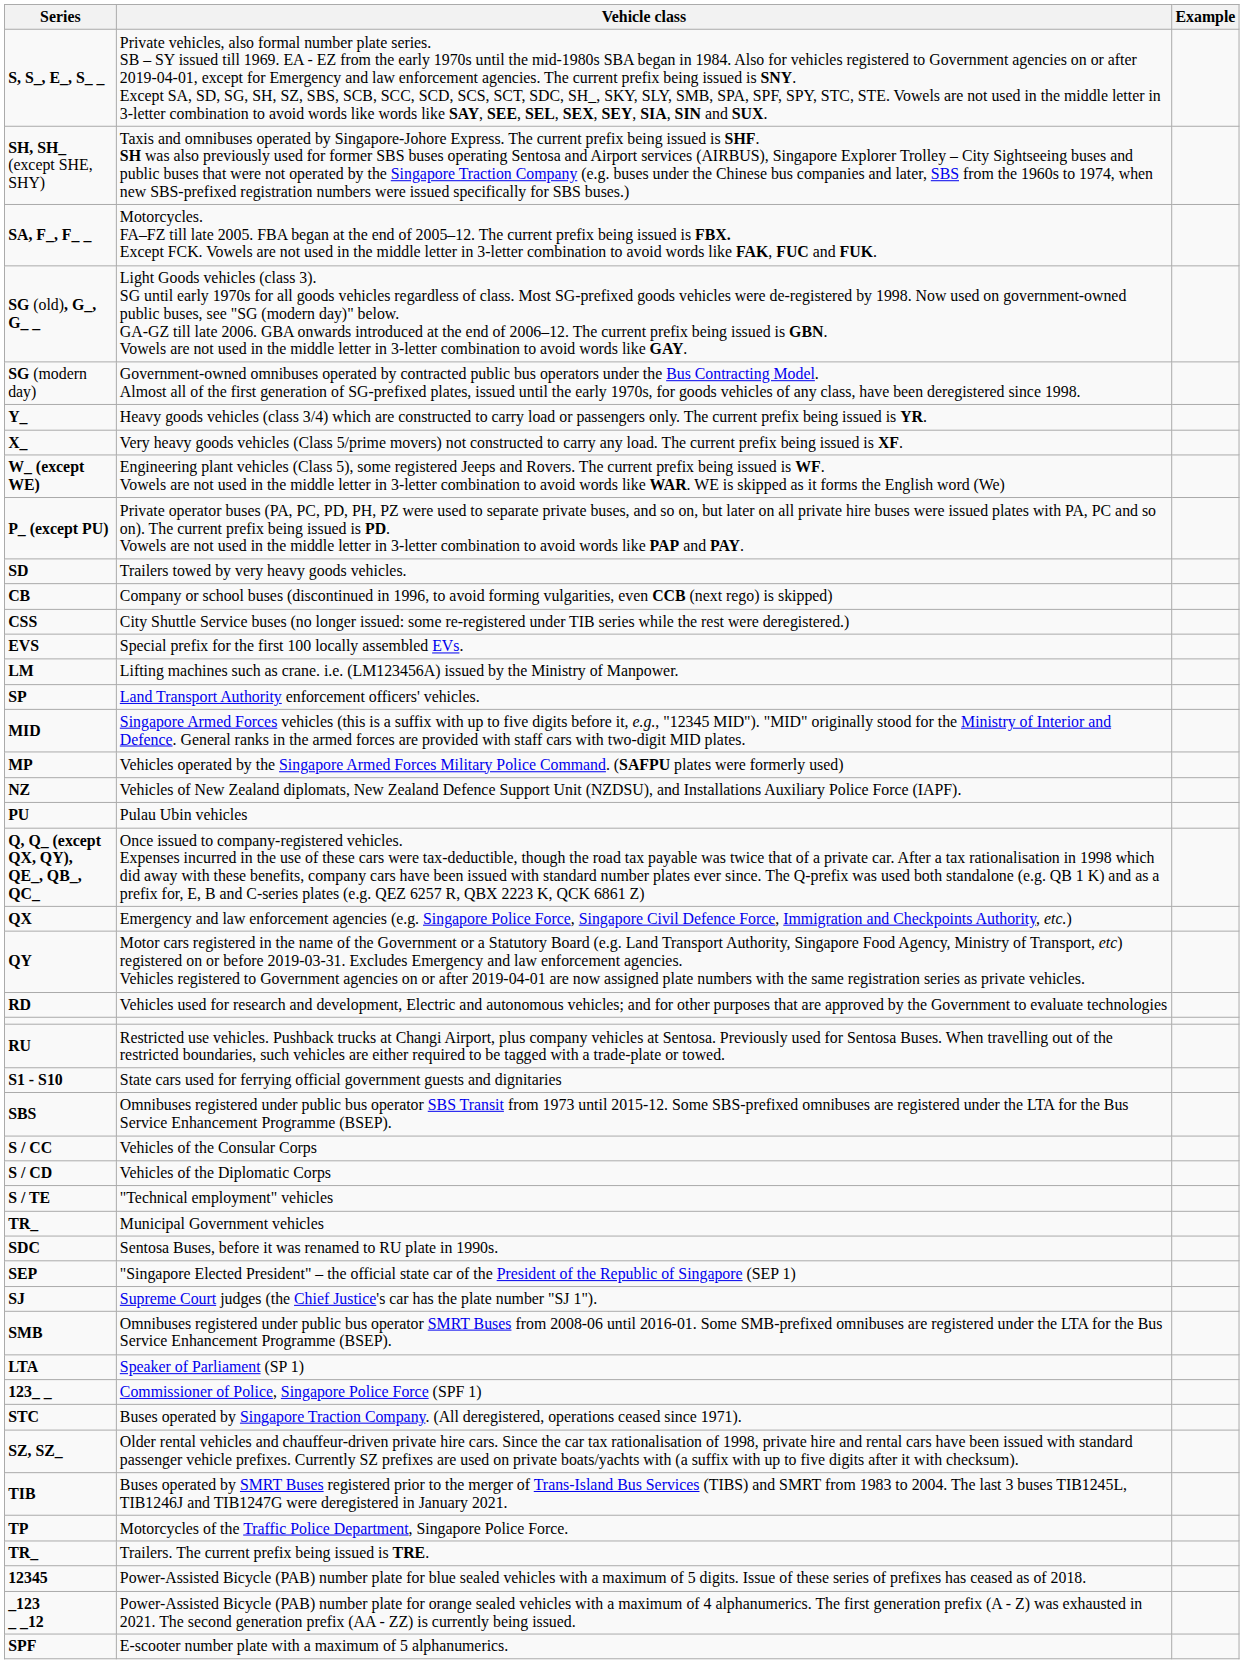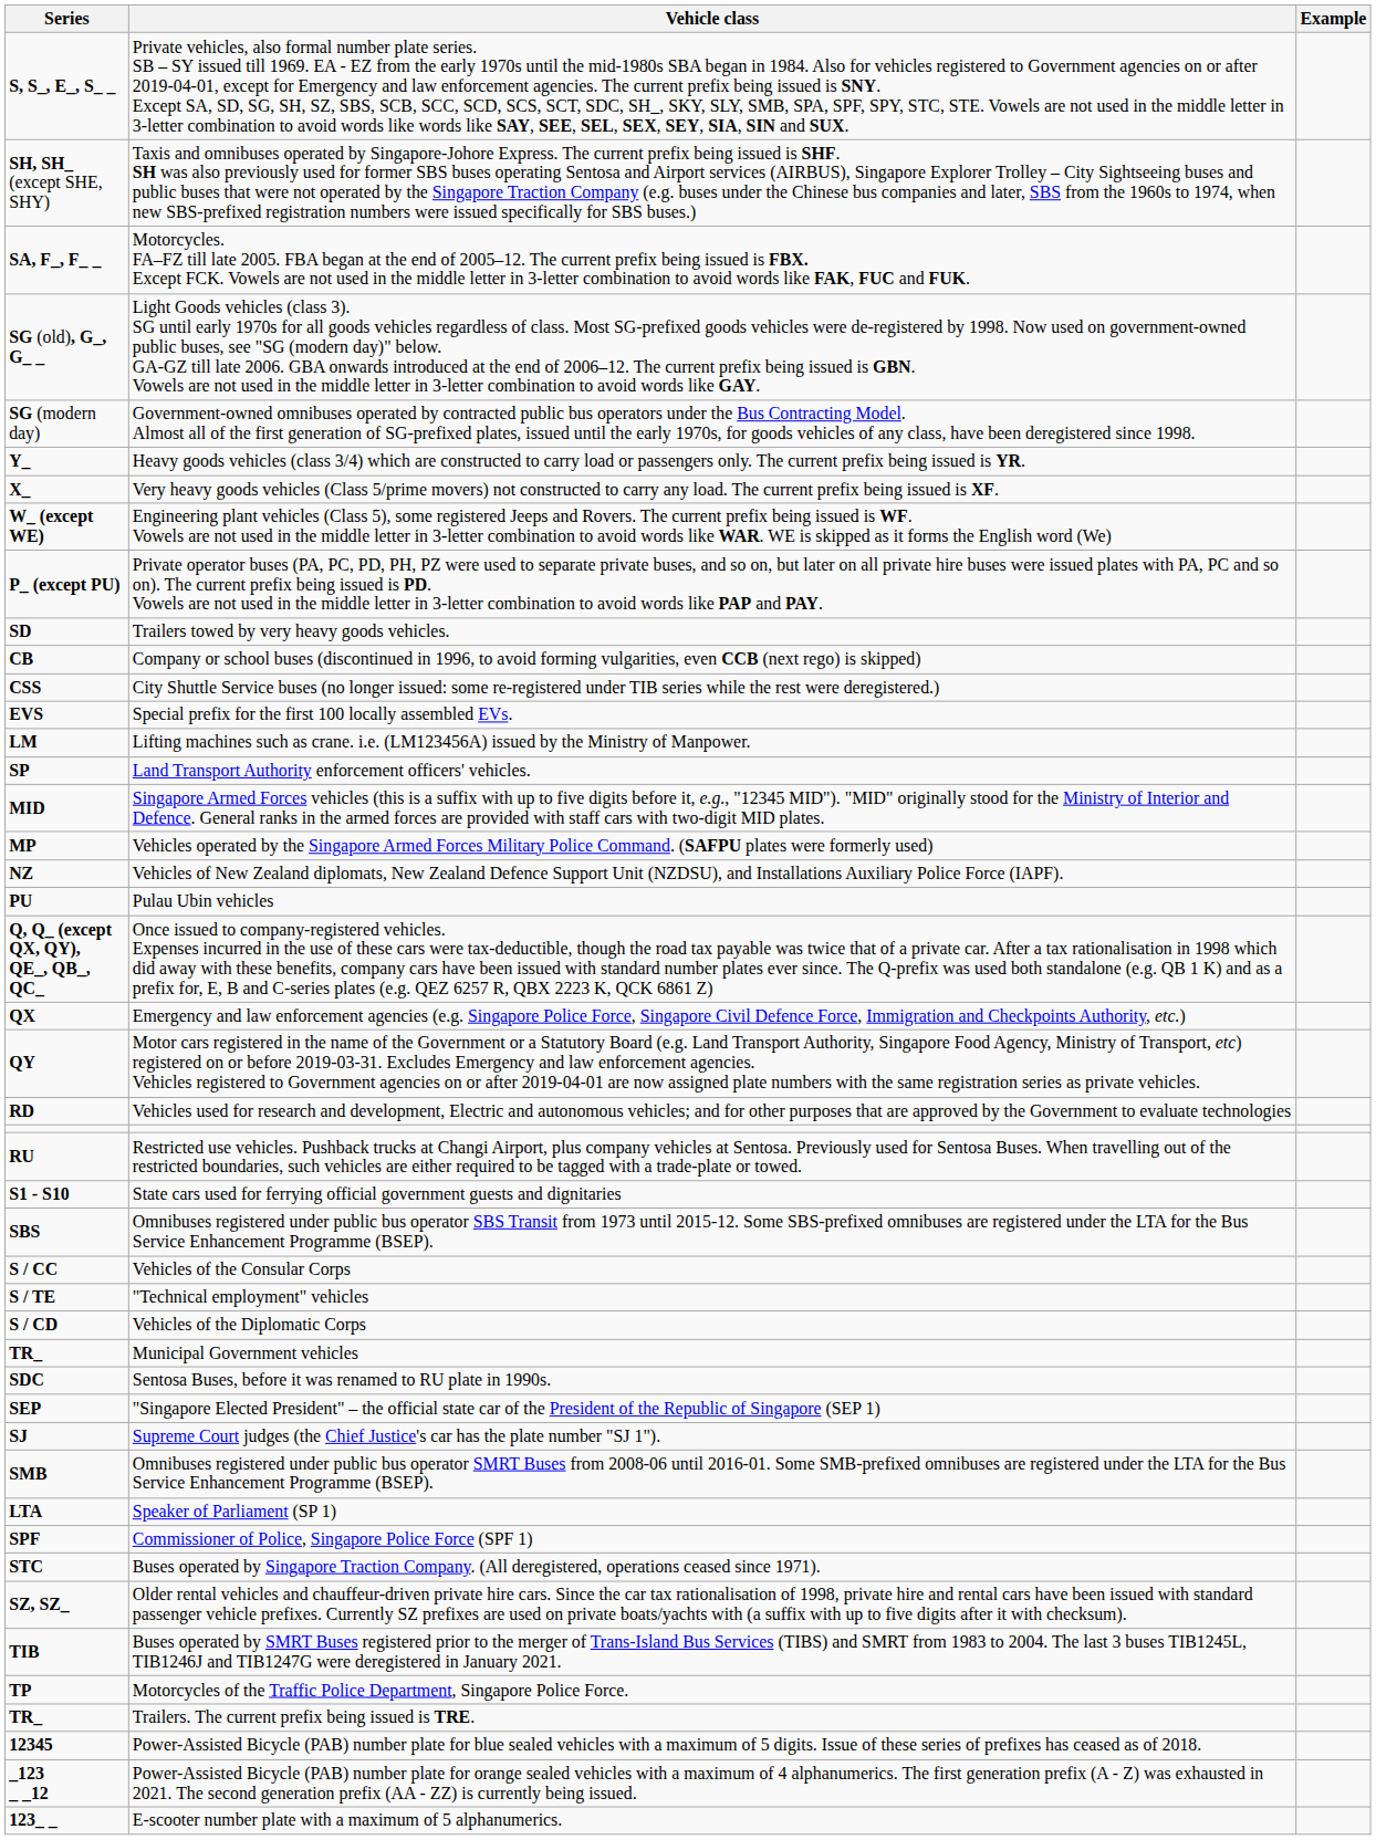 <table class="wikitable">
 <tr>
 <th>Series</th>
 <th>Vehicle class</th>
 <th>Example</th>
 </tr>
 <tr>
 <td><strong>S, S_, E_, S_ _</strong></td>
 <td>Private vehicles, also formal number plate series.<br>SB – SY issued till 1969.  EA - EZ from the early 1970s until the mid-1980s SBA began in 1984. Also for vehicles registered to Government agencies on or after 2019-04-01, except for Emergency and law enforcement agencies. The current prefix being issued is <strong>SNY</strong>.<br>Except SA, SD, SG, SH, SZ, SBS, SCB, SCC, SCD, SCS, SCT, SDC, SH_, SKY, SLY, SMB, SPA, SPF, SPY, STC, STE. Vowels are not used in the middle letter in 3-letter combination to avoid words like words like <strong>SAY</strong>, <strong>SEE</strong>, <strong>SEL</strong>, <strong>SEX</strong>, <strong>SEY</strong>, <strong>SIA</strong>, <strong>SIN</strong> and <strong>SUX</strong>.</td>
 <td><br></td>
 </tr>
 <tr>
 <td><strong>SH, SH_</strong> (except SHE, SHY)</td>
 <td>Taxis and omnibuses operated by Singapore-Johore Express. The current prefix being issued is <strong>SHF</strong>.<br><strong>SH</strong> was also previously used for former SBS buses operating Sentosa and Airport services (AIRBUS), Singapore Explorer Trolley – City Sightseeing buses and public buses that were not operated by the <a href='#'>Singapore Traction Company</a> (e.g. buses under the Chinese bus companies and later, <a href='#'>SBS</a> from the 1960s to 1974, when new SBS-prefixed registration numbers were issued specifically for SBS buses.)</td>
 <td></td>
 </tr>
 <tr>
 <td><strong>SA, F_, F_ _</strong></td>
 <td>Motorcycles.<br>FA–FZ till late 2005.  FBA began at the end of 2005–12. The current prefix being issued is <strong>FBX.</strong><br>Except FCK. Vowels are not used in the middle letter in 3-letter combination to avoid words like <strong>FAK</strong>, <strong>FUC</strong> and <strong>FUK</strong>.</td>
 <td></td>
 </tr>
 <tr>
 <td><strong>SG</strong> (old)<strong>, G_, G_ _</strong></td>
 <td>Light Goods vehicles (class 3).<br>SG until early 1970s for all goods vehicles regardless of class. Most SG-prefixed goods vehicles were de-registered by 1998. Now used on government-owned public buses, see "SG (modern day)" below.<br>GA-GZ till late 2006. GBA onwards introduced at the end of 2006–12. The current prefix being issued is <strong>GBN</strong>.<br>Vowels are not used in the middle letter in 3-letter combination to avoid words like <strong>GAY</strong>.</td>
 <td></td>
 </tr>
 <tr>
 <td><strong>SG</strong> (modern day)</td>
 <td>Government-owned omnibuses operated by contracted public bus operators under the <a href='#'>Bus Contracting Model</a>.<br>Almost all of the first generation of SG-prefixed plates, issued until the early 1970s, for goods vehicles of any class, have been deregistered since 1998.</td>
 <td></td>
 </tr>
 <tr>
 <td><strong>Y_</strong></td>
 <td>Heavy goods vehicles (class 3/4) which are constructed to carry load or passengers only. The current prefix being issued is <strong>YR</strong>.</td>
 <td></td>
 </tr>
 <tr>
 <td><strong>X_</strong></td>
 <td>Very heavy goods vehicles (Class 5/prime movers) not constructed to carry any load. The current prefix being issued is <strong>XF</strong>.</td>
 <td></td>
 </tr>
 <tr>
 <td><strong>W_ (except WE)</strong></td>
 <td>Engineering plant vehicles (Class 5), some registered Jeeps and Rovers. The current prefix being issued is <strong>WF</strong>.<br>Vowels are not used in the middle letter in 3-letter combination to avoid words like <strong>WAR</strong>. WE is skipped as it forms the English word (We)</td>
 <td></td>
 </tr>
 <tr>
 <td><strong>P_ (except PU)</strong></td>
 <td>Private operator buses (PA, PC, PD, PH, PZ were used to separate private buses, and so on, but later on all private hire buses were issued plates with PA, PC and so on). The current prefix being issued is <strong>PD</strong>.<br>Vowels are not used in the middle letter in 3-letter combination to avoid words like <strong>PAP</strong> and <strong>PAY</strong>.</td>
 <td></td>
 </tr>
 <tr>
 <td><strong>SD</strong></td>
 <td>Trailers towed by very heavy goods vehicles.</td>
 <td></td>
 </tr>
 <tr>
 <td><strong>CB</strong></td>
 <td>Company or school buses (discontinued in 1996, to avoid forming vulgarities, even <strong>CCB</strong> (next rego) is skipped)</td>
 <td></td>
 </tr>
 <tr>
 <td><strong>CSS</strong></td>
 <td>City Shuttle Service buses (no longer issued: some re-registered under TIB series while the rest were deregistered.)</td>
 <td></td>
 </tr>
 <tr>
 <td><strong>EVS</strong></td>
 <td>Special prefix for the first 100 locally assembled <a href='#'>EVs</a>.</td>
 <td></td>
 </tr>
 <tr>
 <td><strong>LM</strong></td>
 <td>Lifting machines such as crane. i.e. (LM123456A) issued by the Ministry of Manpower.</td>
 <td></td>
 </tr>
 <tr>
 <td><strong>SP</strong></td>
 <td><a href='#'>Land Transport Authority</a> enforcement officers' vehicles.</td>
 <td></td>
 </tr>
 <tr>
 <td><strong>MID</strong></td>
 <td><a href='#'>Singapore Armed Forces</a> vehicles (this is a suffix with up to five digits before it, <em>e.g.</em>, "12345 MID"). "MID" originally stood for the <a href='#'>Ministry of Interior and Defence</a>. General ranks in the armed forces are provided with staff cars with two-digit MID plates.</td>
 <td></td>
 </tr>
 <tr>
 <td><strong>MP</strong></td>
 <td>Vehicles operated by the <a href='#'>Singapore Armed Forces Military Police Command</a>. (<strong>SAFPU</strong> plates were formerly used)</td>
 <td></td>
 </tr>
 <tr>
 <td><strong>NZ</strong></td>
 <td>Vehicles of New Zealand diplomats, New Zealand Defence Support Unit (NZDSU), and Installations Auxiliary Police Force (IAPF).</td>
 <td></td>
 </tr>
 <tr>
 <td><strong>PU</strong></td>
 <td>Pulau Ubin vehicles</td>
 <td></td>
 </tr>
 <tr>
 <td><strong>Q, Q_ (except QX, QY),</strong><br><strong>QE_, QB_, QC_</strong></td>
 <td>Once issued to company-registered vehicles.<br>Expenses incurred in the use of these cars were tax-deductible, though the road tax payable was twice that of a private car. After a tax rationalisation in 1998 which did away with these benefits, company cars have been issued with standard number plates ever since. The Q-prefix was used both standalone (e.g. QB 1 K) and as a prefix for, E, B and C-series plates (e.g. QEZ 6257 R, QBX 2223 K, QCK 6861 Z)</td>
 <td></td>
 </tr>
 <tr>
 <td><strong>QX</strong></td>
 <td>Emergency and law enforcement agencies (e.g. <a href='#'>Singapore Police Force</a>, <a href='#'>Singapore Civil Defence Force</a>, <a href='#'>Immigration and Checkpoints Authority</a>, <em>etc.</em>)</td>
 <td></td>
 </tr>
 <tr>
 <td><strong>QY</strong></td>
 <td>Motor cars registered in the name of the Government or a Statutory Board (e.g. Land Transport Authority, Singapore Food Agency, Ministry of Transport, <em>etc</em>) registered on or before 2019-03-31. Excludes Emergency and law enforcement agencies.<br>Vehicles registered to Government agencies on or after 2019-04-01 are now assigned plate numbers with the same registration series as private vehicles.</td>
 <td></td>
 </tr>
 <tr>
 <td><strong>RD</strong></td>
 <td>Vehicles used for research and development, Electric and autonomous vehicles; and for other purposes that are approved by the Government to evaluate technologies</td>
 <td></td>
 </tr>
 <tr>
 <td></td>
 <td></td>
 <td></td>
 </tr>
 <tr>
 <td><strong>RU</strong></td>
 <td>Restricted use vehicles. Pushback trucks at Changi Airport, plus company vehicles at Sentosa. Previously used for Sentosa Buses. When travelling out of the restricted boundaries, such vehicles are either required to be tagged with a trade-plate or towed.</td>
 <td></td>
 </tr>
 <tr>
 <td><strong>S1 - S10</strong></td>
 <td>State cars used for ferrying official government guests and dignitaries</td>
 <td></td>
 </tr>
 <tr>
 <td><strong>SBS</strong></td>
 <td>Omnibuses registered under public bus operator <a href='#'>SBS Transit</a> from 1973 until 2015-12. Some SBS-prefixed omnibuses are registered under the LTA for the Bus Service Enhancement Programme (BSEP).</td>
 <td></td>
 </tr>
 <tr>
 <td><strong>S / CC</strong></td>
 <td>Vehicles of the Consular Corps</td>
 <td></td>
 </tr>
 <tr>
-<td><strong>S / CD</strong></td>
-<td>Vehicles of the Diplomatic Corps</td>
+<td><strong>S / TE</strong></td>
+<td>"Technical employment" vehicles</td>
 <td></td>
 </tr>
 <tr>
-<td><strong>S / TE</strong></td>
-<td>"Technical employment" vehicles</td>
+<td><strong>S / CD</strong></td>
+<td>Vehicles of the Diplomatic Corps</td>
 <td></td>
 </tr>
 <tr>
 <td><strong>TR_</strong></td>
 <td>Municipal Government vehicles</td>
 <td></td>
 </tr>
 <tr>
 <td><strong>SDC</strong></td>
 <td>Sentosa Buses, before it was renamed to RU plate in 1990s.</td>
 <td></td>
 </tr>
 <tr>
 <td><strong>SEP</strong></td>
 <td>"Singapore Elected President" – the official state car of the <a href='#'>President of the Republic of Singapore</a> (SEP 1)</td>
 <td></td>
 </tr>
 <tr>
 <td><strong>SJ</strong></td>
 <td><a href='#'>Supreme Court</a> judges (the <a href='#'>Chief Justice</a>'s car has the plate number "SJ 1").</td>
 <td></td>
 </tr>
 <tr>
 <td><strong>SMB</strong></td>
 <td>Omnibuses registered under public bus operator <a href='#'>SMRT Buses</a> from 2008-06 until 2016-01. Some SMB-prefixed omnibuses are registered under the LTA for the Bus Service Enhancement Programme (BSEP).</td>
 <td></td>
 </tr>
 <tr>
 <td><strong>LTA</strong></td>
 <td><a href='#'>Speaker of Parliament</a> (SP 1)</td>
 <td></td>
 </tr>
 <tr>
-<td><strong>123_ _</strong></td>
+<td><strong>SPF</strong></td>
 <td><a href='#'>Commissioner of Police</a>, <a href='#'>Singapore Police Force</a> (SPF 1)</td>
 <td></td>
 </tr>
 <tr>
 <td><strong>STC</strong></td>
 <td>Buses operated by <a href='#'>Singapore Traction Company</a>. (All deregistered, operations ceased since 1971).</td>
 <td></td>
 </tr>
 <tr>
 <td><strong>SZ, SZ_</strong></td>
 <td>Older rental vehicles and chauffeur-driven private hire cars. Since the car tax rationalisation of 1998, private hire and rental cars have been issued with standard passenger vehicle prefixes. Currently SZ prefixes are used on private boats/yachts with (a suffix with up to five digits after it with checksum).</td>
 <td></td>
 </tr>
 <tr>
 <td><strong>TIB</strong></td>
 <td>Buses operated by <a href='#'>SMRT Buses</a> registered prior to the merger of <a href='#'>Trans-Island Bus Services</a> (TIBS) and SMRT from 1983 to 2004. The last 3 buses TIB1245L, TIB1246J and TIB1247G were deregistered in January 2021.</td>
 <td></td>
 </tr>
 <tr>
 <td><strong>TP</strong></td>
 <td>Motorcycles of the <a href='#'>Traffic Police Department</a>, Singapore Police Force.</td>
 <td></td>
 </tr>
 <tr>
 <td><strong>TR_</strong></td>
 <td>Trailers. The current prefix being issued is <strong>TRE</strong>.</td>
 <td></td>
 </tr>
 <tr>
 <td><strong>12345</strong></td>
 <td>Power-Assisted Bicycle (PAB) number plate for blue sealed vehicles with a maximum of 5 digits. Issue of these series of prefixes has ceased as of 2018.</td>
 <td></td>
 </tr>
 <tr>
 <td><strong>_123</strong><br><strong>_ _12</strong></td>
 <td>Power-Assisted Bicycle (PAB) number plate for orange sealed vehicles with a maximum of 4 alphanumerics. The first generation prefix (A - Z) was exhausted in 2021. The second generation prefix (AA - ZZ) is currently being issued.</td>
 <td></td>
 </tr>
 <tr>
-<td><strong>SPF</strong></td>
+<td><strong>123_ _</strong></td>
 <td>E-scooter number plate with a maximum of 5 alphanumerics.</td>
 <td></td>
 </tr>
 </table>
